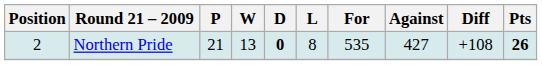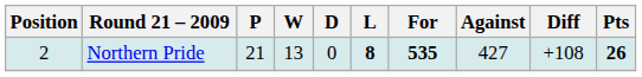 <table class="wikitable" style="text-align:center; font-size:85%;">
 <tr>
 <th width=40 abbr="Position">Position</th>
 <th width=100>Round 21 – 2009</th>
 <th width=20 abbr="Played">P</th>
 <th width=20 abbr="Won">W</th>
 <th width=20 abbr="Drawn">D</th>
 <th width=20 abbr="Lost">L</th>
 <th width=40 abbr="Points for">For</th>
 <th width=40 abbr="Points against">Against</th>
 <th width=40 abbr="Points difference">Diff</th>
 <th width=20 abbr="Points">Pts</th>
 </tr>
 <tr style="background: #d7ebed;">
 <td>2</td>
 <td style="text-align:left;"> <a href='#'>Northern Pride</a></td>
 <td>21</td>
 <td>13</td>
-<td><strong>0</strong></td>
-<td>8</td>
-<td>535</td>
+<td>0</td>
+<td><strong>8</strong></td>
+<td><strong>535</strong></td>
 <td>427</td>
 <td>+108</td>
 <td><strong>26</strong></td>
 </tr>
 <tr>
 </tr>
 </table>
